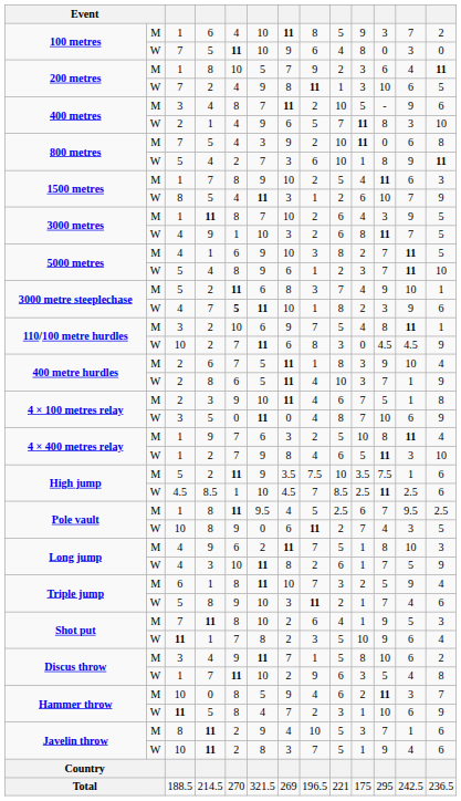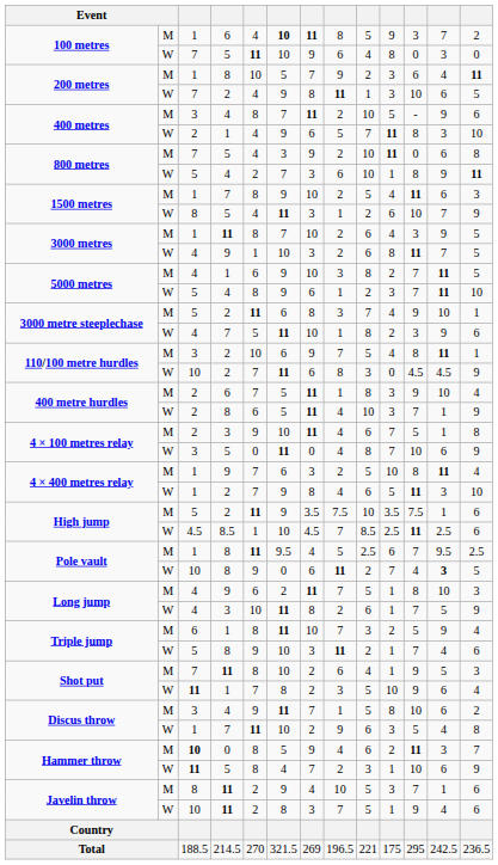 <table class="wikitable" style="background-color: #f9f9f9; font-size: 90%; text-align: center">
 <tr>
 <th width=200 colspan=2>Event</th>
 <th></th>
 <th></th>
 <th></th>
 <th></th>
 <th></th>
 <th></th>
 <th></th>
 <th></th>
 <th></th>
 <th></th>
 <th></th>
 </tr>
 <tr>
 <td rowspan=2><strong><a href='#'>100 metres</a></strong></td>
 <td>M</td>
 <td>1</td>
 <td>6</td>
 <td>4</td>
-<td>10</td>
+<td><strong>10</strong></td>
 <td><strong>11</strong></td>
 <td>8</td>
 <td>5</td>
 <td>9</td>
 <td>3</td>
 <td>7</td>
 <td>2</td>
 </tr>
 <tr>
 <td>W</td>
 <td>7</td>
 <td>5</td>
 <td><strong>11</strong></td>
 <td>10</td>
 <td>9</td>
 <td>6</td>
 <td>4</td>
 <td>8</td>
 <td>0</td>
 <td>3</td>
 <td>0</td>
 </tr>
 <tr>
 <td rowspan=2><strong><a href='#'>200 metres</a></strong></td>
 <td>M</td>
 <td>1</td>
 <td>8</td>
 <td>10</td>
 <td>5</td>
 <td>7</td>
 <td>9</td>
 <td>2</td>
 <td>3</td>
 <td>6</td>
 <td>4</td>
 <td><strong>11</strong></td>
 </tr>
 <tr>
 <td>W</td>
 <td>7</td>
 <td>2</td>
 <td>4</td>
 <td>9</td>
 <td>8</td>
 <td><strong>11</strong></td>
 <td>1</td>
 <td>3</td>
 <td>10</td>
 <td>6</td>
 <td>5</td>
 </tr>
 <tr>
 <td rowspan=2><strong><a href='#'>400 metres</a></strong></td>
 <td>M</td>
 <td>3</td>
 <td>4</td>
 <td>8</td>
 <td>7</td>
 <td><strong>11</strong></td>
 <td>2</td>
 <td>10</td>
 <td>5</td>
 <td>-</td>
 <td>9</td>
 <td>6</td>
 </tr>
 <tr>
 <td>W</td>
 <td>2</td>
 <td>1</td>
 <td>4</td>
 <td>9</td>
 <td>6</td>
 <td>5</td>
 <td>7</td>
 <td><strong>11</strong></td>
 <td>8</td>
 <td>3</td>
 <td>10</td>
 </tr>
 <tr>
 <td rowspan=2><strong><a href='#'>800 metres</a></strong></td>
 <td>M</td>
 <td>7</td>
 <td>5</td>
 <td>4</td>
 <td>3</td>
 <td>9</td>
 <td>2</td>
 <td>10</td>
 <td><strong>11</strong></td>
 <td>0</td>
 <td>6</td>
 <td>8</td>
 </tr>
 <tr>
 <td>W</td>
 <td>5</td>
 <td>4</td>
 <td>2</td>
 <td>7</td>
 <td>3</td>
 <td>6</td>
 <td>10</td>
 <td>1</td>
 <td>8</td>
 <td>9</td>
 <td><strong>11</strong></td>
 </tr>
 <tr>
 <td rowspan=2><strong><a href='#'>1500 metres</a></strong></td>
 <td>M</td>
 <td>1</td>
 <td>7</td>
 <td>8</td>
 <td>9</td>
 <td>10</td>
 <td>2</td>
 <td>5</td>
 <td>4</td>
 <td><strong>11</strong></td>
 <td>6</td>
 <td>3</td>
 </tr>
 <tr>
 <td>W</td>
 <td>8</td>
 <td>5</td>
 <td>4</td>
 <td><strong>11</strong></td>
 <td>3</td>
 <td>1</td>
 <td>2</td>
 <td>6</td>
 <td>10</td>
 <td>7</td>
 <td>9</td>
 </tr>
 <tr>
 <td rowspan=2><strong><a href='#'>3000 metres</a></strong></td>
 <td>M</td>
 <td>1</td>
 <td><strong>11</strong></td>
 <td>8</td>
 <td>7</td>
 <td>10</td>
 <td>2</td>
 <td>6</td>
 <td>4</td>
 <td>3</td>
 <td>9</td>
 <td>5</td>
 </tr>
 <tr>
 <td>W</td>
 <td>4</td>
 <td>9</td>
 <td>1</td>
 <td>10</td>
 <td>3</td>
 <td>2</td>
 <td>6</td>
 <td>8</td>
 <td><strong>11</strong></td>
 <td>7</td>
 <td>5</td>
 </tr>
 <tr>
 <td rowspan=2><strong><a href='#'>5000 metres</a></strong></td>
 <td>M</td>
 <td>4</td>
 <td>1</td>
 <td>6</td>
 <td>9</td>
 <td>10</td>
 <td>3</td>
 <td>8</td>
 <td>2</td>
 <td>7</td>
 <td><strong>11</strong></td>
 <td>5</td>
 </tr>
 <tr>
 <td>W</td>
 <td>5</td>
 <td>4</td>
 <td>8</td>
 <td>9</td>
 <td>6</td>
 <td>1</td>
 <td>2</td>
 <td>3</td>
 <td>7</td>
 <td><strong>11</strong></td>
 <td>10</td>
 </tr>
 <tr>
 <td rowspan=2><strong><a href='#'>3000 metre steeplechase</a></strong></td>
 <td>M</td>
 <td>5</td>
 <td>2</td>
 <td><strong>11</strong></td>
 <td>6</td>
 <td>8</td>
 <td>3</td>
 <td>7</td>
 <td>4</td>
 <td>9</td>
 <td>10</td>
 <td>1</td>
 </tr>
 <tr>
 <td>W</td>
 <td>4</td>
 <td>7</td>
-<td><strong>5</strong></td>
+<td>5</td>
 <td><strong>11</strong></td>
 <td>10</td>
 <td>1</td>
 <td>8</td>
 <td>2</td>
 <td>3</td>
 <td>9</td>
 <td>6</td>
 </tr>
 <tr>
 <td rowspan=2><strong><a href='#'>110</a>/<a href='#'>100 metre hurdles</a></strong></td>
 <td>M</td>
 <td>3</td>
 <td>2</td>
 <td>10</td>
 <td>6</td>
 <td>9</td>
 <td>7</td>
 <td>5</td>
 <td>4</td>
 <td>8</td>
 <td><strong>11</strong></td>
 <td>1</td>
 </tr>
 <tr>
 <td>W</td>
 <td>10</td>
 <td>2</td>
 <td>7</td>
 <td><strong>11</strong></td>
 <td>6</td>
 <td>8</td>
 <td>3</td>
 <td>0</td>
 <td>4.5</td>
 <td>4.5</td>
 <td>9</td>
 </tr>
 <tr>
 <td rowspan=2><strong><a href='#'>400 metre hurdles</a></strong></td>
 <td>M</td>
 <td>2</td>
 <td>6</td>
 <td>7</td>
 <td>5</td>
 <td><strong>11</strong></td>
 <td>1</td>
 <td>8</td>
 <td>3</td>
 <td>9</td>
 <td>10</td>
 <td>4</td>
 </tr>
 <tr>
 <td>W</td>
 <td>2</td>
 <td>8</td>
 <td>6</td>
 <td>5</td>
 <td><strong>11</strong></td>
 <td>4</td>
 <td>10</td>
 <td>3</td>
 <td>7</td>
 <td>1</td>
 <td>9</td>
 </tr>
 <tr>
 <td rowspan=2><strong><a href='#'>4 × 100 metres relay</a></strong></td>
 <td>M</td>
 <td>2</td>
 <td>3</td>
 <td>9</td>
 <td>10</td>
 <td><strong>11</strong></td>
 <td>4</td>
 <td>6</td>
 <td>7</td>
 <td>5</td>
 <td>1</td>
 <td>8</td>
 </tr>
 <tr>
 <td>W</td>
 <td>3</td>
 <td>5</td>
 <td>0</td>
 <td><strong>11</strong></td>
 <td>0</td>
 <td>4</td>
 <td>8</td>
 <td>7</td>
 <td>10</td>
 <td>6</td>
 <td>9</td>
 </tr>
 <tr>
 <td rowspan=2><strong><a href='#'>4 × 400 metres relay</a></strong></td>
 <td>M</td>
 <td>1</td>
 <td>9</td>
 <td>7</td>
 <td>6</td>
 <td>3</td>
 <td>2</td>
 <td>5</td>
 <td>10</td>
 <td>8</td>
 <td><strong>11</strong></td>
 <td>4</td>
 </tr>
 <tr>
 <td>W</td>
 <td>1</td>
 <td>2</td>
 <td>7</td>
 <td>9</td>
 <td>8</td>
 <td>4</td>
 <td>6</td>
 <td>5</td>
 <td><strong>11</strong></td>
 <td>3</td>
 <td>10</td>
 </tr>
 <tr>
 <td rowspan=2><strong><a href='#'>High jump</a></strong></td>
 <td>M</td>
 <td>5</td>
 <td>2</td>
 <td><strong>11</strong></td>
 <td>9</td>
 <td>3.5</td>
 <td>7.5</td>
 <td>10</td>
 <td>3.5</td>
 <td>7.5</td>
 <td>1</td>
 <td>6</td>
 </tr>
 <tr>
 <td>W</td>
 <td>4.5</td>
 <td>8.5</td>
 <td>1</td>
 <td>10</td>
 <td>4.5</td>
 <td>7</td>
 <td>8.5</td>
 <td>2.5</td>
 <td><strong>11</strong></td>
 <td>2.5</td>
 <td>6</td>
 </tr>
 <tr>
 <td rowspan=2><strong><a href='#'>Pole vault</a></strong></td>
 <td>M</td>
 <td>1</td>
 <td>8</td>
 <td><strong>11</strong></td>
 <td>9.5</td>
 <td>4</td>
 <td>5</td>
 <td>2.5</td>
 <td>6</td>
 <td>7</td>
 <td>9.5</td>
 <td>2.5</td>
 </tr>
 <tr>
 <td>W</td>
 <td>10</td>
 <td>8</td>
 <td>9</td>
 <td>0</td>
 <td>6</td>
 <td><strong>11</strong></td>
 <td>2</td>
 <td>7</td>
 <td>4</td>
-<td>3</td>
+<td><strong>3</strong></td>
 <td>5</td>
 </tr>
 <tr>
 <td rowspan=2><strong><a href='#'>Long jump</a></strong></td>
 <td>M</td>
 <td>4</td>
 <td>9</td>
 <td>6</td>
 <td>2</td>
 <td><strong>11</strong></td>
 <td>7</td>
 <td>5</td>
 <td>1</td>
 <td>8</td>
 <td>10</td>
 <td>3</td>
 </tr>
 <tr>
 <td>W</td>
 <td>4</td>
 <td>3</td>
 <td>10</td>
 <td><strong>11</strong></td>
 <td>8</td>
 <td>2</td>
 <td>6</td>
 <td>1</td>
 <td>7</td>
 <td>5</td>
 <td>9</td>
 </tr>
 <tr>
 <td rowspan=2><strong><a href='#'>Triple jump</a></strong></td>
 <td>M</td>
 <td>6</td>
 <td>1</td>
 <td>8</td>
 <td><strong>11</strong></td>
 <td>10</td>
 <td>7</td>
 <td>3</td>
 <td>2</td>
 <td>5</td>
 <td>9</td>
 <td>4</td>
 </tr>
 <tr>
 <td>W</td>
 <td>5</td>
 <td>8</td>
 <td>9</td>
 <td>10</td>
 <td>3</td>
 <td><strong>11</strong></td>
 <td>2</td>
 <td>1</td>
 <td>7</td>
 <td>4</td>
 <td>6</td>
 </tr>
 <tr>
 <td rowspan=2><strong><a href='#'>Shot put</a></strong></td>
 <td>M</td>
 <td>7</td>
 <td><strong>11</strong></td>
 <td>8</td>
 <td>10</td>
 <td>2</td>
 <td>6</td>
 <td>4</td>
 <td>1</td>
 <td>9</td>
 <td>5</td>
 <td>3</td>
 </tr>
 <tr>
 <td>W</td>
 <td><strong>11</strong></td>
 <td>1</td>
 <td>7</td>
 <td>8</td>
 <td>2</td>
 <td>3</td>
 <td>5</td>
 <td>10</td>
 <td>9</td>
 <td>6</td>
 <td>4</td>
 </tr>
 <tr>
 <td rowspan=2><strong><a href='#'>Discus throw</a></strong></td>
 <td>M</td>
 <td>3</td>
 <td>4</td>
 <td>9</td>
 <td><strong>11</strong></td>
 <td>7</td>
 <td>1</td>
 <td>5</td>
 <td>8</td>
 <td>10</td>
 <td>6</td>
 <td>2</td>
 </tr>
 <tr>
 <td>W</td>
 <td>1</td>
 <td>7</td>
 <td><strong>11</strong></td>
 <td>10</td>
 <td>2</td>
 <td>9</td>
 <td>6</td>
 <td>3</td>
 <td>5</td>
 <td>4</td>
 <td>8</td>
 </tr>
 <tr>
 <td rowspan=2><strong><a href='#'>Hammer throw</a></strong></td>
 <td>M</td>
-<td>10</td>
+<td><strong>10</strong></td>
 <td>0</td>
 <td>8</td>
 <td>5</td>
 <td>9</td>
 <td>4</td>
 <td>6</td>
 <td>2</td>
 <td><strong>11</strong></td>
 <td>3</td>
 <td>7</td>
 </tr>
 <tr>
 <td>W</td>
 <td><strong>11</strong></td>
 <td>5</td>
 <td>8</td>
 <td>4</td>
 <td>7</td>
 <td>2</td>
 <td>3</td>
 <td>1</td>
 <td>10</td>
 <td>6</td>
 <td>9</td>
 </tr>
 <tr>
 <td rowspan=2><strong><a href='#'>Javelin throw</a></strong></td>
 <td>M</td>
 <td>8</td>
 <td><strong>11</strong></td>
 <td>2</td>
 <td>9</td>
 <td>4</td>
 <td>10</td>
 <td>5</td>
 <td>3</td>
 <td>7</td>
 <td>1</td>
 <td>6</td>
 </tr>
 <tr>
 <td>W</td>
 <td>10</td>
 <td><strong>11</strong></td>
 <td>2</td>
 <td>8</td>
 <td>3</td>
 <td>7</td>
 <td>5</td>
 <td>1</td>
 <td>9</td>
 <td>4</td>
 <td>6</td>
 </tr>
 <tr>
 <th colspan=2>Country</th>
 <th></th>
 <th></th>
 <th></th>
 <th></th>
 <th></th>
 <th></th>
 <th></th>
 <th></th>
 <th></th>
 <th></th>
 <th></th>
 </tr>
 <tr>
 <th colspan=2>Total</th>
 <td>188.5</td>
 <td>214.5</td>
 <td>270</td>
 <td>321.5</td>
 <td>269</td>
 <td>196.5</td>
 <td>221</td>
 <td>175</td>
 <td>295</td>
 <td>242.5</td>
 <td>236.5</td>
 </tr>
 </table>
